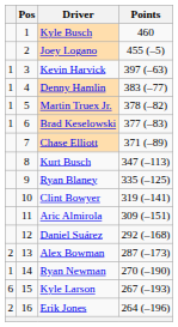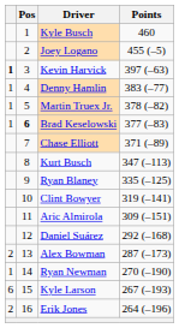 <table class="wikitable" style="font-size: 95%">
 <tr>
 <th></th>
 <th>Pos</th>
 <th>Driver</th>
 <th>Points</th>
 </tr>
 <tr>
 <td align="left"></td>
 <td style="text-align:center;">1</td>
 <td style="background:#FFDEAD;"><a href='#'>Kyle Busch</a></td>
 <td style="text-align:center;">460</td>
 </tr>
 <tr>
 <td align="left"></td>
 <td style="text-align:center;">2</td>
 <td style="background:#FFDEAD;"><a href='#'>Joey Logano</a></td>
 <td style="text-align:center;">455 (–5)</td>
 </tr>
 <tr>
-<td align="left"> 1</td>
+<td align="left"><strong> 1</strong></td>
 <td style="text-align:center;">3</td>
 <td><a href='#'>Kevin Harvick</a></td>
 <td style="text-align:center;">397 (–63)</td>
 </tr>
 <tr>
 <td align="left"> 1</td>
 <td style="text-align:center;">4</td>
 <td style="background:#FFDEAD;"><a href='#'>Denny Hamlin</a></td>
 <td style="text-align:center;">383 (–77)</td>
 </tr>
 <tr>
 <td align="left"> 1</td>
 <td style="text-align:center;">5</td>
 <td style="background:#FFDEAD;"><a href='#'>Martin Truex Jr.</a></td>
 <td style="text-align:center;">378 (–82)</td>
 </tr>
 <tr>
 <td align="left"> 1</td>
-<td style="text-align:center;">6</td>
+<td style="text-align:center;"><strong>6</strong></td>
 <td style="background:#FFDEAD;"><a href='#'>Brad Keselowski</a></td>
 <td style="text-align:center;">377 (–83)</td>
 </tr>
 <tr>
 <td align="left"></td>
 <td style="text-align:center;">7</td>
 <td style="background:#FFDEAD;"><a href='#'>Chase Elliott</a></td>
 <td style="text-align:center;">371 (–89)</td>
 </tr>
 <tr>
 <td align="left"></td>
 <td style="text-align:center;">8</td>
 <td><a href='#'>Kurt Busch</a></td>
 <td style="text-align:center;">347 (–113)</td>
 </tr>
 <tr>
 <td align="left"></td>
 <td style="text-align:center;">9</td>
 <td><a href='#'>Ryan Blaney</a></td>
 <td style="text-align:center;">335 (–125)</td>
 </tr>
 <tr>
 <td align="left"></td>
 <td style="text-align:center;">10</td>
 <td><a href='#'>Clint Bowyer</a></td>
 <td style="text-align:center;">319 (–141)</td>
 </tr>
 <tr>
 <td align="left"></td>
 <td style="text-align:center;">11</td>
 <td><a href='#'>Aric Almirola</a></td>
 <td style="text-align:center;">309 (–151)</td>
 </tr>
 <tr>
 <td align="left"></td>
 <td style="text-align:center;">12</td>
 <td><a href='#'>Daniel Suárez</a></td>
 <td style="text-align:center;">292 (–168)</td>
 </tr>
 <tr>
 <td align="left"> 2</td>
 <td style="text-align:center;">13</td>
 <td><a href='#'>Alex Bowman</a></td>
 <td style="text-align:center;">287 (–173)</td>
 </tr>
 <tr>
 <td align="left"> 1</td>
 <td style="text-align:center;">14</td>
 <td><a href='#'>Ryan Newman</a></td>
 <td style="text-align:center;">270 (–190)</td>
 </tr>
 <tr>
 <td align="left"> 6</td>
 <td style="text-align:center;">15</td>
 <td><a href='#'>Kyle Larson</a></td>
 <td style="text-align:center;">267 (–193)</td>
 </tr>
 <tr>
 <td align="left"> 2</td>
 <td style="text-align:center;">16</td>
 <td><a href='#'>Erik Jones</a></td>
 <td style="text-align:center;">264 (–196)</td>
 </tr>
 <tr class="sortbottom">
 <th colspan="9"></th>
 </tr>
 </table>
